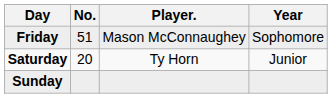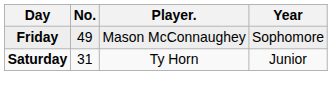 <table class="wikitable non-sortable">
 <tr>
 <th style="text-align:center; ">Day</th>
 <th style="text-align:center; ">No.</th>
 <th style="text-align:center; ">Player.</th>
 <th style="text-align:center; ">Year</th>
 </tr>
 <tr style="background:#eeeeee;text-align:center;">
 <td><strong>Friday</strong></td>
-<td>51</td>
+<td>49</td>
 <td>Mason McConnaughey</td>
 <td>Sophomore</td>
 </tr>
 <tr style="text-align:center;">
 <td><strong>Saturday</strong></td>
-<td>20</td>
+<td>31</td>
 <td>Ty Horn</td>
 <td>Junior</td>
 </tr>
-<tr style="background:#eeeeee;text-align:center;">
-<td><strong>Sunday</strong></td>
-<td></td>
-<td></td>
-<td></td>
-</tr>
 </table>
